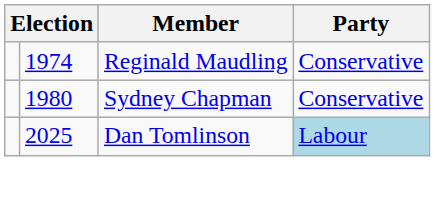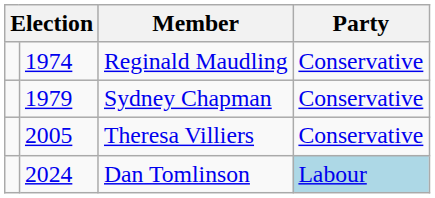 <table class="wikitable">
 <tr>
 <th colspan="2">Election</th>
 <th>Member</th>
 <th>Party</th>
 </tr>
 <tr>
 <td style="color:inherit;background-color: "></td>
 <td><a href='#'>1974</a></td>
 <td><a href='#'>Reginald Maudling</a></td>
 <td><a href='#'>Conservative</a></td>
 </tr>
 <tr>
 <td style="color:inherit;background-color: "></td>
-<td><a href='#'>1980</a></td>
+<td><a href='#'>1979</a></td>
 <td><a href='#'>Sydney Chapman</a></td>
 <td><a href='#'>Conservative</a></td>
 </tr>
 <tr>
 <td style="color:inherit;background-color: "></td>
-<td><a href='#'>2025</a></td>
+<td><a href='#'>2005</a></td>
+<td><a href='#'>Theresa Villiers</a></td>
+<td><a href='#'>Conservative</a></td>
+</tr>
+<tr>
+<td style="color:inherit;background-color: "></td>
+<td><a href='#'>2024</a></td>
 <td><a href='#'>Dan Tomlinson</a></td>
 <td style="background: lightblue;"><a href='#'>Labour</a></td>
 </tr>
 </table>
